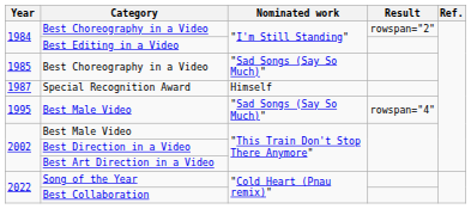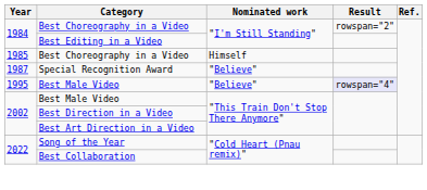 <table class=wikitable>
 <tr>
 <th scope="col" style="width:4em;">Year</th>
 <th scope="col" style="width:32em;">Category</th>
 <th scope="col" style="width:24em;">Nominated work</th>
 <th scope="col" style="width:5em;">Result</th>
 <th>Ref.</th>
 </tr>
 <tr>
 <td rowspan="2"><a href='#'>1984</a></td>
 <td><a href='#'>Best Choreography in a Video</a></td>
 <td rowspan="2">"<a href='#'>I'm Still Standing</a>"</td>
 <td>rowspan="2" </td>
 <td rowspan="8"></td>
 </tr>
 <tr>
 <td><a href='#'>Best Editing in a Video</a></td>
 </tr>
 <tr>
 <td><a href='#'>1985</a></td>
 <td>Best Choreography in a Video</td>
-<td>"<a href='#'>Sad Songs (Say So Much)</a>"</td>
+<td>Himself</td>
 <td></td>
 </tr>
 <tr>
 <td><a href='#'>1987</a></td>
 <td>Special Recognition Award</td>
-<td>Himself</td>
+<td>"<a href='#'>Believe</a>"</td>
 <td></td>
 </tr>
 <tr>
 <td><a href='#'>1995</a></td>
 <td><a href='#'>Best Male Video</a></td>
-<td>"<a href='#'>Sad Songs (Say So Much)</a>"</td>
-<td>rowspan="4" </td>
+<td>"<a href='#'>Believe</a>"</td>
+<td style="background: lavender;">rowspan="4" </td>
 </tr>
 <tr>
 <td rowspan="3"><a href='#'>2002</a></td>
 <td>Best Male Video</td>
 <td rowspan="3">"<a href='#'>This Train Don't Stop There Anymore</a>"</td>
 </tr>
 <tr>
 <td><a href='#'>Best Direction in a Video</a></td>
 </tr>
 <tr>
 <td><a href='#'>Best Art Direction in a Video</a></td>
 </tr>
 <tr>
 <td rowspan="2"><a href='#'>2022</a></td>
 <td><a href='#'>Song of the Year</a></td>
 <td rowspan="2">"<a href='#'>Cold Heart (Pnau remix)</a>"</td>
 <td></td>
 <td rowspan="2"></td>
 </tr>
 <tr>
 <td><a href='#'>Best Collaboration</a></td>
 <td></td>
 </tr>
 </table>
